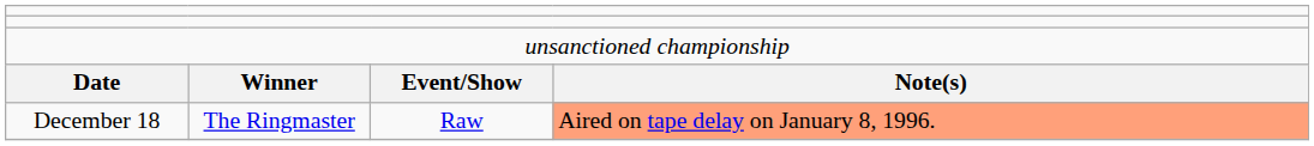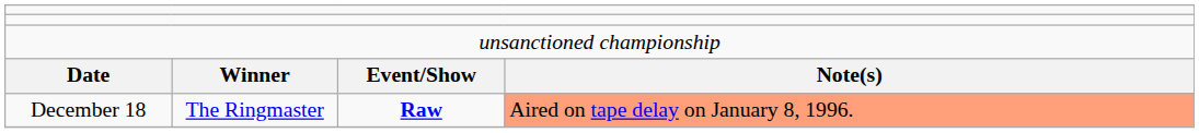 <table class="wikitable" style="text-align:center; width:100%;">
 <tr>
 <td colspan="5"></td>
 </tr>
 <tr>
 <td colspan="5"><strong></strong></td>
 </tr>
 <tr>
 <td colspan="5"><em>unsanctioned championship</em></td>
 </tr>
 <tr>
 <th width=14%>Date</th>
 <th width=14%>Winner</th>
 <th width=14%>Event/Show</th>
 <th width=58%>Note(s)</th>
 </tr>
 <tr>
 <td>December 18</td>
 <td><a href='#'>The Ringmaster</a></td>
-<td><a href='#'>Raw</a></td>
+<td><strong><a href='#'>Raw</a></strong></td>
 <td align=left style="background: lightsalmon;">Aired on <a href='#'>tape delay</a> on January 8, 1996.</td>
 </tr>
 <tr>
 </tr>
 </table>
